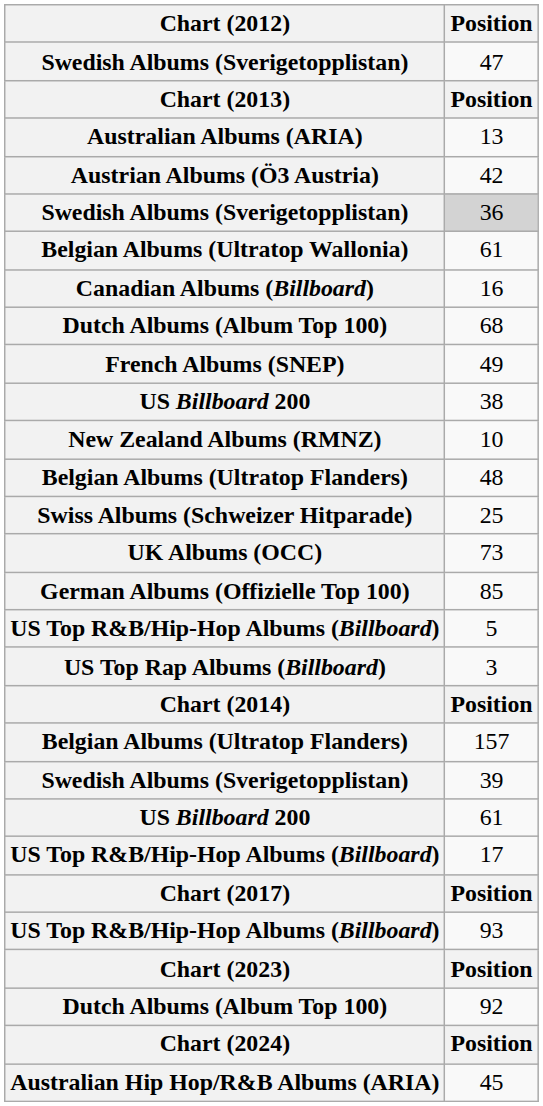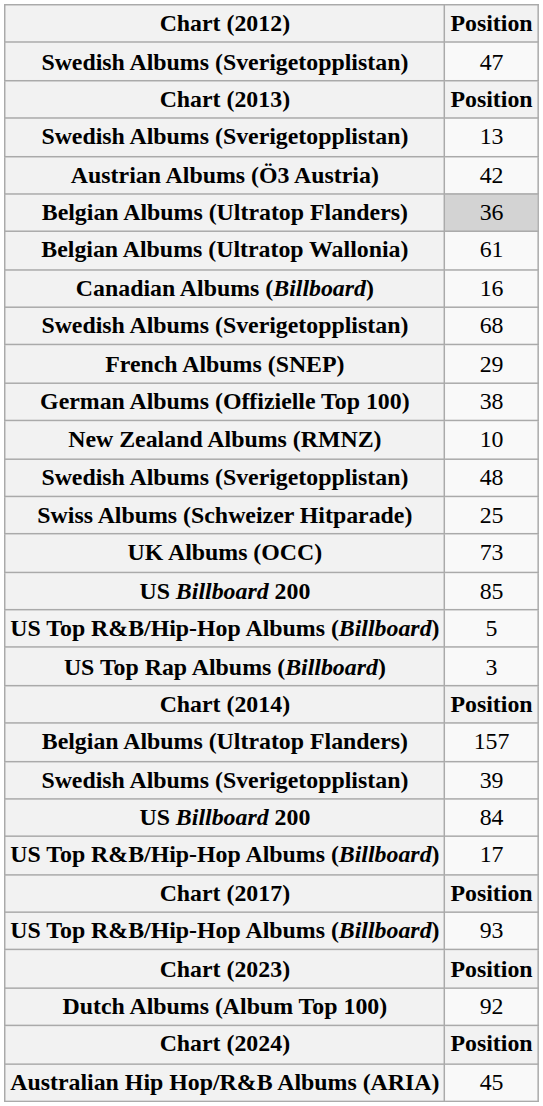 <table class="wikitable sortable plainrowheaders">
 <tr>
 <th scope="col">Chart (2012)</th>
 <th scope="col">Position</th>
 </tr>
 <tr>
 <th scope="row">Swedish Albums (Sverigetopplistan)</th>
 <td style="text-align:center;">47</td>
 </tr>
 <tr>
 <th scope="col">Chart (2013)</th>
 <th scope="col">Position</th>
 </tr>
 <tr>
-<th scope="row">Australian Albums (ARIA)</th>
+<th scope="row">Swedish Albums (Sverigetopplistan)</th>
 <td style="text-align:center;">13</td>
 </tr>
 <tr>
 <th scope="row">Austrian Albums (Ö3 Austria)</th>
 <td style="text-align:center;">42</td>
 </tr>
 <tr>
-<th scope="row">Swedish Albums (Sverigetopplistan)</th>
+<th scope="row">Belgian Albums (Ultratop Flanders)</th>
 <td style="background: lightgrey; text-align:center;">36</td>
 </tr>
 <tr>
 <th scope="row">Belgian Albums (Ultratop Wallonia)</th>
 <td style="text-align:center;">61</td>
 </tr>
 <tr>
 <th scope="row">Canadian Albums (<em>Billboard</em>)</th>
 <td style="text-align:center;">16</td>
 </tr>
 <tr>
-<th scope="row">Dutch Albums (Album Top 100)</th>
+<th scope="row">Swedish Albums (Sverigetopplistan)</th>
 <td style="text-align:center;">68</td>
 </tr>
 <tr>
 <th scope="row">French Albums (SNEP)</th>
-<td style="text-align:center;">49</td>
+<td style="text-align:center;">29</td>
 </tr>
 <tr>
-<th scope="row">US <em>Billboard</em> 200</th>
+<th scope="row">German Albums (Offizielle Top 100)</th>
 <td style="text-align:center;">38</td>
 </tr>
 <tr>
 <th scope="row">New Zealand Albums (RMNZ)</th>
 <td style="text-align:center;">10</td>
 </tr>
 <tr>
-<th scope="row">Belgian Albums (Ultratop Flanders)</th>
+<th scope="row">Swedish Albums (Sverigetopplistan)</th>
 <td style="text-align:center;">48</td>
 </tr>
 <tr>
 <th scope="row">Swiss Albums (Schweizer Hitparade)</th>
 <td style="text-align:center;">25</td>
 </tr>
 <tr>
 <th scope="row">UK Albums (OCC)</th>
 <td style="text-align:center;">73</td>
 </tr>
 <tr>
-<th scope="row">German Albums (Offizielle Top 100)</th>
+<th scope="row">US <em>Billboard</em> 200</th>
 <td style="text-align:center;">85</td>
 </tr>
 <tr>
 <th scope="row">US Top R&B/Hip-Hop Albums (<em>Billboard</em>)</th>
 <td style="text-align:center;">5</td>
 </tr>
 <tr>
 <th scope="row">US Top Rap Albums (<em>Billboard</em>)</th>
 <td style="text-align:center;">3</td>
 </tr>
 <tr>
 <th scope="col">Chart (2014)</th>
 <th scope="col">Position</th>
 </tr>
 <tr>
 <th scope="row">Belgian Albums (Ultratop Flanders)</th>
 <td style="text-align:center;">157</td>
 </tr>
 <tr>
 <th scope="row">Swedish Albums (Sverigetopplistan)</th>
 <td style="text-align:center;">39</td>
 </tr>
 <tr>
 <th scope="row">US <em>Billboard</em> 200</th>
-<td style="text-align:center;">61</td>
+<td style="text-align:center;">84</td>
 </tr>
 <tr>
 <th scope="row">US Top R&B/Hip-Hop Albums (<em>Billboard</em>)</th>
 <td style="text-align:center;">17</td>
 </tr>
 <tr>
 <th scope="col">Chart (2017)</th>
 <th scope="col">Position</th>
 </tr>
 <tr>
 <th scope="row">US Top R&B/Hip-Hop Albums (<em>Billboard</em>)</th>
 <td style="text-align:center;">93</td>
 </tr>
 <tr>
 <th scope="col">Chart (2023)</th>
 <th scope="col">Position</th>
 </tr>
 <tr>
 <th scope="row">Dutch Albums (Album Top 100)</th>
 <td style="text-align:center;">92</td>
 </tr>
 <tr>
 <th scope="col">Chart (2024)</th>
 <th scope="col">Position</th>
 </tr>
 <tr>
 <th scope="row">Australian Hip Hop/R&B Albums (ARIA)</th>
 <td style="text-align:center;">45</td>
 </tr>
 </table>
